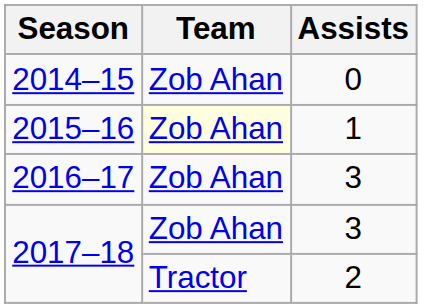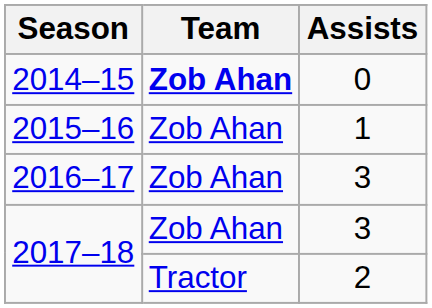 <table class="wikitable" style="text-align: center;">
 <tr>
 <th>Season</th>
 <th>Team</th>
 <th>Assists</th>
 </tr>
 <tr>
 <td><a href='#'>2014–15</a></td>
-<td align="left"><a href='#'>Zob Ahan</a></td>
+<td align="left"><strong><a href='#'>Zob Ahan</a></strong></td>
 <td>0</td>
 </tr>
 <tr>
 <td><a href='#'>2015–16</a></td>
-<td align="left" style="background: lightyellow;"><a href='#'>Zob Ahan</a></td>
+<td align="left"><a href='#'>Zob Ahan</a></td>
 <td>1</td>
 </tr>
 <tr>
 <td><a href='#'>2016–17</a></td>
 <td align="left"><a href='#'>Zob Ahan</a></td>
 <td>3</td>
 </tr>
 <tr>
 <td rowspan="2"><a href='#'>2017–18</a></td>
 <td align="left"><a href='#'>Zob Ahan</a></td>
 <td>3</td>
 </tr>
 <tr>
 <td align="left"><a href='#'>Tractor</a></td>
 <td>2</td>
 </tr>
 </table>
